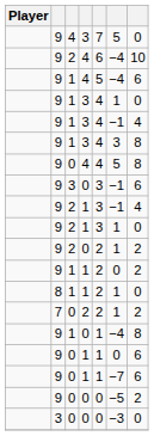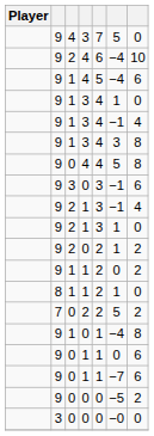 <table class="wikitable sortable" style="text-align:center;">
 <tr>
 <th>Player</th>
 <th></th>
 <th></th>
 <th></th>
 <th></th>
 <th data-sort-type="number"></th>
 <th></th>
 </tr>
 <tr>
 <td></td>
 <td>9</td>
 <td>4</td>
 <td>3</td>
 <td>7</td>
 <td>5</td>
 <td>0</td>
 </tr>
 <tr>
 <td></td>
 <td>9</td>
 <td>2</td>
 <td>4</td>
 <td>6</td>
 <td>−4</td>
 <td>10</td>
 </tr>
 <tr>
 <td></td>
 <td>9</td>
 <td>1</td>
 <td>4</td>
 <td>5</td>
 <td>−4</td>
 <td>6</td>
 </tr>
 <tr>
 <td></td>
 <td>9</td>
 <td>1</td>
 <td>3</td>
 <td>4</td>
 <td>1</td>
 <td>0</td>
 </tr>
 <tr>
 <td></td>
 <td>9</td>
 <td>1</td>
 <td>3</td>
 <td>4</td>
 <td>−1</td>
 <td>4</td>
 </tr>
 <tr>
 <td></td>
 <td>9</td>
 <td>1</td>
 <td>3</td>
 <td>4</td>
 <td>3</td>
 <td>8</td>
 </tr>
 <tr>
 <td></td>
 <td>9</td>
 <td>0</td>
 <td>4</td>
 <td>4</td>
 <td>5</td>
 <td>8</td>
 </tr>
 <tr>
 <td></td>
 <td>9</td>
 <td>3</td>
 <td>0</td>
 <td>3</td>
 <td>−1</td>
 <td>6</td>
 </tr>
 <tr>
 <td></td>
 <td>9</td>
 <td>2</td>
 <td>1</td>
 <td>3</td>
 <td>−1</td>
 <td>4</td>
 </tr>
 <tr>
 <td></td>
 <td>9</td>
 <td>2</td>
 <td>1</td>
 <td>3</td>
 <td>1</td>
 <td>0</td>
 </tr>
 <tr>
 <td></td>
 <td>9</td>
 <td>2</td>
 <td>0</td>
 <td>2</td>
 <td>1</td>
 <td>2</td>
 </tr>
 <tr>
 <td></td>
 <td>9</td>
 <td>1</td>
 <td>1</td>
 <td>2</td>
 <td>0</td>
 <td>2</td>
 </tr>
 <tr>
 <td></td>
 <td>8</td>
 <td>1</td>
 <td>1</td>
 <td>2</td>
 <td>1</td>
 <td>0</td>
 </tr>
 <tr>
 <td></td>
 <td>7</td>
 <td>0</td>
 <td>2</td>
 <td>2</td>
-<td>1</td>
+<td>5</td>
 <td>2</td>
 </tr>
 <tr>
 <td></td>
 <td>9</td>
 <td>1</td>
 <td>0</td>
 <td>1</td>
 <td>−4</td>
 <td>8</td>
 </tr>
 <tr>
 <td></td>
 <td>9</td>
 <td>0</td>
 <td>1</td>
 <td>1</td>
 <td>0</td>
 <td>6</td>
 </tr>
 <tr>
 <td></td>
 <td>9</td>
 <td>0</td>
 <td>1</td>
 <td>1</td>
 <td>−7</td>
 <td>6</td>
 </tr>
 <tr>
 <td></td>
 <td>9</td>
 <td>0</td>
 <td>0</td>
 <td>0</td>
 <td>−5</td>
 <td>2</td>
 </tr>
 <tr>
 <td></td>
 <td>3</td>
 <td>0</td>
 <td>0</td>
 <td>0</td>
-<td>−3</td>
+<td>−0</td>
 <td>0</td>
 </tr>
 <tr>
 </tr>
 </table>
